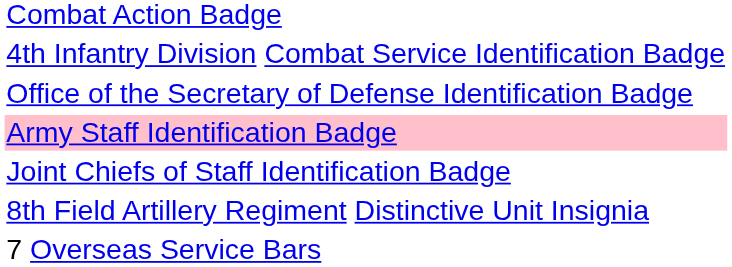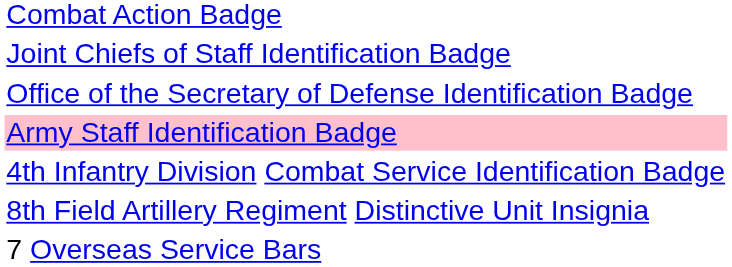 <table>
 <tr>
 <td> <a href='#'>Combat Action Badge</a></td>
 </tr>
 <tr>
-<td> <a href='#'>4th Infantry Division</a> <a href='#'>Combat Service Identification Badge</a></td>
+<td> <a href='#'>Joint Chiefs of Staff Identification Badge</a></td>
 </tr>
 <tr>
 <td> <a href='#'>Office of the Secretary of Defense Identification Badge</a></td>
 </tr>
 <tr>
 <td style="background: pink;"> <a href='#'>Army Staff Identification Badge</a></td>
 </tr>
 <tr>
-<td> <a href='#'>Joint Chiefs of Staff Identification Badge</a></td>
+<td> <a href='#'>4th Infantry Division</a> <a href='#'>Combat Service Identification Badge</a></td>
 </tr>
 <tr>
 <td> <a href='#'>8th Field Artillery Regiment</a> <a href='#'>Distinctive Unit Insignia</a></td>
 </tr>
 <tr>
 <td> 7 <a href='#'>Overseas Service Bars</a></td>
 </tr>
 </table>
